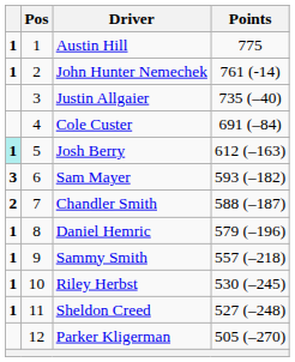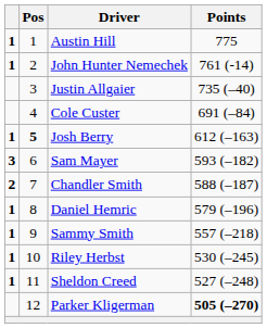 <table class="wikitable" style="font-size: 95%;">
 <tr>
 <th></th>
 <th>Pos</th>
 <th>Driver</th>
 <th>Points</th>
 </tr>
 <tr>
 <td align="left"> <strong>1</strong></td>
 <td style="text-align:center;">1</td>
 <td><a href='#'>Austin Hill</a></td>
 <td style="text-align:center;">775</td>
 </tr>
 <tr>
 <td align="left"> <strong>1</strong></td>
 <td style="text-align:center;">2</td>
 <td><a href='#'>John Hunter Nemechek</a></td>
 <td style="text-align:center;">761 (-14)</td>
 </tr>
 <tr>
 <td align="left"></td>
 <td style="text-align:center;">3</td>
 <td><a href='#'>Justin Allgaier</a></td>
 <td style="text-align:center;">735 (–40)</td>
 </tr>
 <tr>
 <td align="left"></td>
 <td style="text-align:center;">4</td>
 <td><a href='#'>Cole Custer</a></td>
 <td style="text-align:center;">691 (–84)</td>
 </tr>
 <tr>
-<td align="left" style="background: paleturquoise;"> <strong>1</strong></td>
-<td style="text-align:center;">5</td>
+<td align="left"> <strong>1</strong></td>
+<td style="text-align:center;"><strong>5</strong></td>
 <td><a href='#'>Josh Berry</a></td>
 <td style="text-align:center;">612 (–163)</td>
 </tr>
 <tr>
 <td align="left"> <strong>3</strong></td>
 <td style="text-align:center;">6</td>
 <td><a href='#'>Sam Mayer</a></td>
 <td style="text-align:center;">593 (–182)</td>
 </tr>
 <tr>
 <td align="left"> <strong>2</strong></td>
 <td style="text-align:center;">7</td>
 <td><a href='#'>Chandler Smith</a></td>
 <td style="text-align:center;">588 (–187)</td>
 </tr>
 <tr>
 <td align="left"> <strong>1</strong></td>
 <td style="text-align:center;">8</td>
 <td><a href='#'>Daniel Hemric</a></td>
 <td style="text-align:center;">579 (–196)</td>
 </tr>
 <tr>
 <td align="left"> <strong>1</strong></td>
 <td style="text-align:center;">9</td>
 <td><a href='#'>Sammy Smith</a></td>
 <td style="text-align:center;">557 (–218)</td>
 </tr>
 <tr>
 <td align="left"> <strong>1</strong></td>
 <td style="text-align:center;">10</td>
 <td><a href='#'>Riley Herbst</a></td>
 <td style="text-align:center;">530 (–245)</td>
 </tr>
 <tr>
 <td align="left"> <strong>1</strong></td>
 <td style="text-align:center;">11</td>
 <td><a href='#'>Sheldon Creed</a></td>
 <td style="text-align:center;">527 (–248)</td>
 </tr>
 <tr>
 <td align="left"></td>
 <td style="text-align:center;">12</td>
 <td><a href='#'>Parker Kligerman</a></td>
-<td style="text-align:center;">505 (–270)</td>
+<td style="text-align:center;"><strong>505 (–270)</strong></td>
 </tr>
 <tr class="sortbottom">
 <th colspan="9"></th>
 </tr>
 </table>
